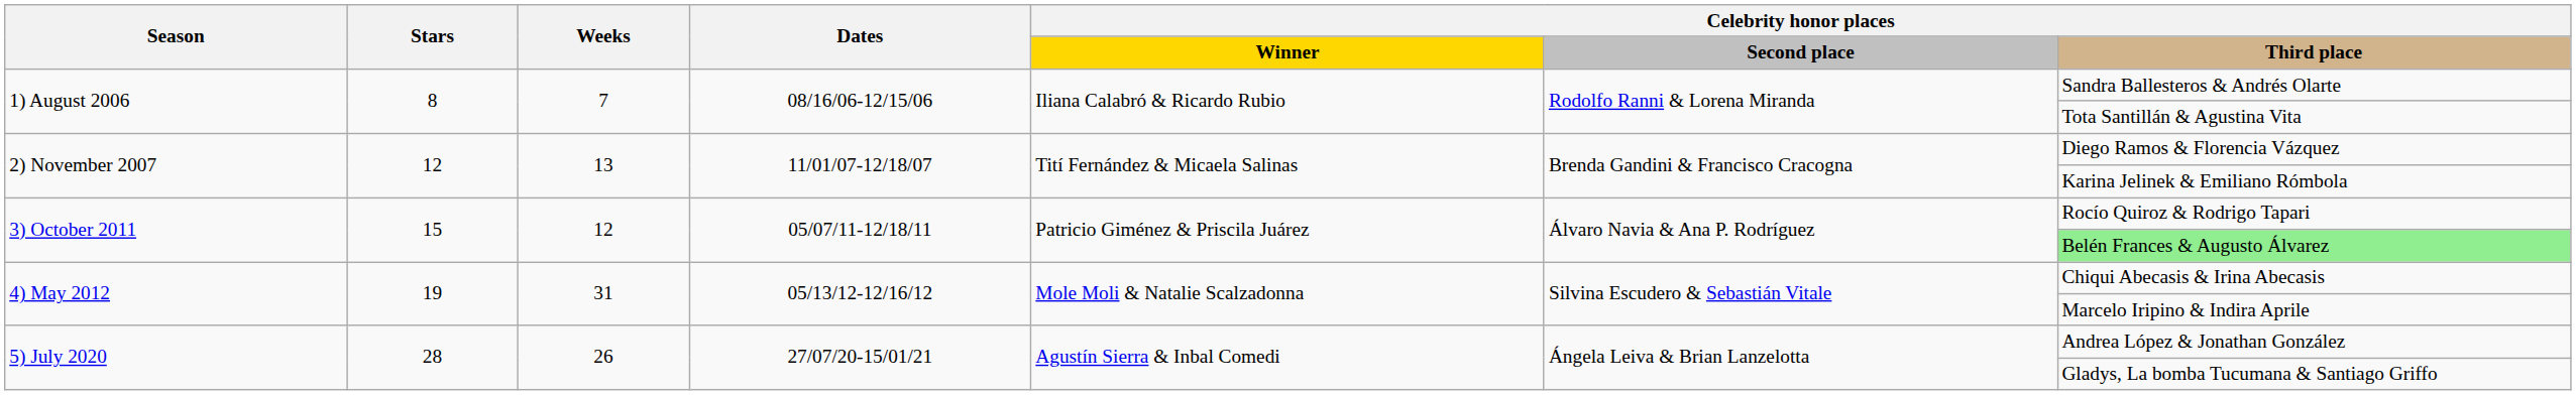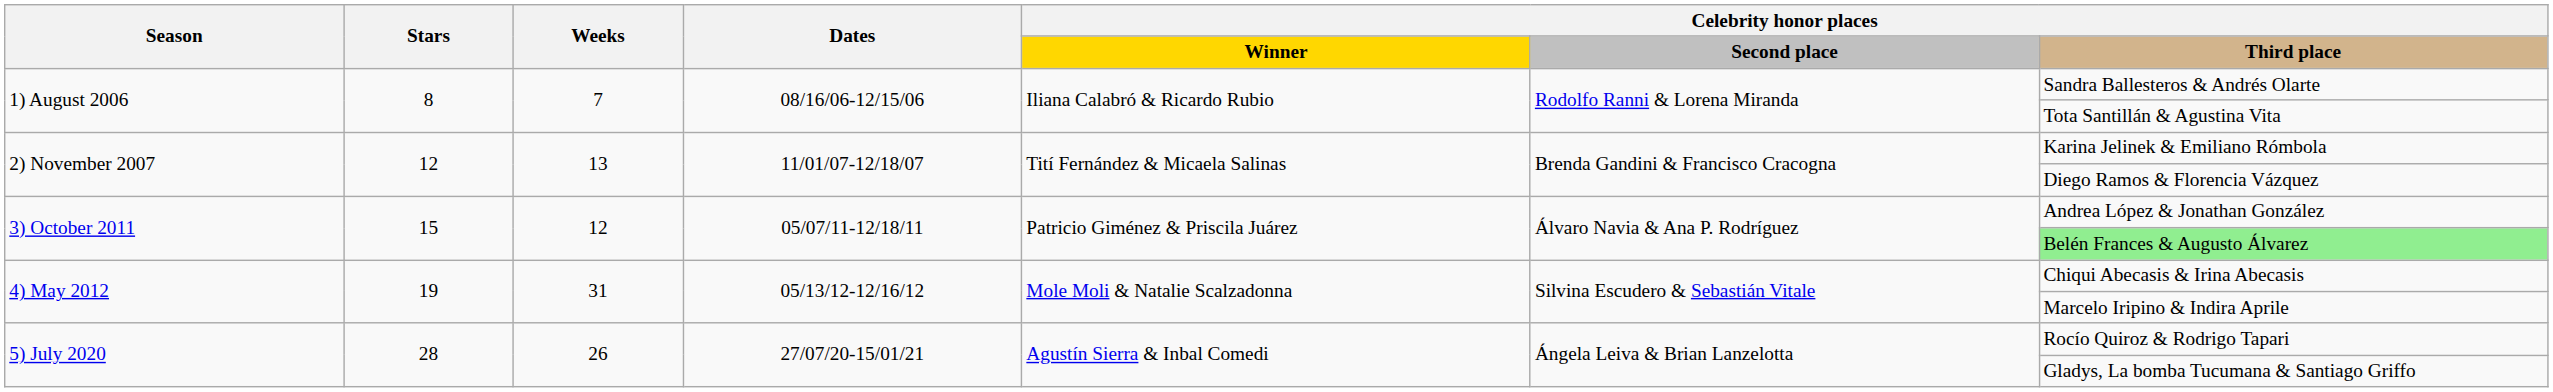 <table class="wikitable" style="white-space:nowrap; font-size:85%;">
 <tr>
 <th style="width:10%;" rowspan="2">Season</th>
 <th style="width:5%;" rowspan="2">Stars</th>
 <th style="width:5%;" rowspan="2">Weeks</th>
 <th style="width:10%;" rowspan="2">Dates</th>
 <th style="width:45%;" colspan="3">Celebrity honor places</th>
 </tr>
 <tr>
 <th style="width:15%; background:gold;">Winner</th>
 <th style="width:15%; background:silver;">Second place</th>
 <th style="width:15%; background:tan;">Third place</th>
 </tr>
 <tr>
 <td rowspan=2>1) August 2006</td>
 <td rowspan=2 style="text-align:center;">8</td>
 <td rowspan=2 style="text-align:center;">7</td>
 <td rowspan=2 style="text-align:center;">08/16/06-12/15/06</td>
 <td rowspan=2>Iliana Calabró & Ricardo Rubio</td>
 <td rowspan=2><a href='#'>Rodolfo Ranni</a> & Lorena Miranda</td>
 <td>Sandra Ballesteros & Andrés Olarte</td>
 </tr>
 <tr>
 <td>Tota Santillán & Agustina Vita</td>
 </tr>
 <tr>
 <td rowspan=2>2) November 2007</td>
 <td rowspan=2 style="text-align:center;">12</td>
 <td rowspan=2 style="text-align:center;">13</td>
 <td rowspan=2 style="text-align:center;">11/01/07-12/18/07</td>
 <td rowspan=2>Tití Fernández & Micaela Salinas</td>
 <td rowspan=2>Brenda Gandini & Francisco Cracogna</td>
-<td>Diego Ramos & Florencia Vázquez</td>
+<td>Karina Jelinek & Emiliano Rómbola</td>
 </tr>
 <tr>
-<td>Karina Jelinek & Emiliano Rómbola</td>
+<td>Diego Ramos & Florencia Vázquez</td>
 </tr>
 <tr>
 <td rowspan=2><a href='#'>3) October 2011</a></td>
 <td rowspan=2 style="text-align:center;">15</td>
 <td rowspan=2 style="text-align:center;">12</td>
 <td rowspan=2 style="text-align:center;">05/07/11-12/18/11</td>
 <td rowspan=2>Patricio Giménez & Priscila Juárez</td>
 <td rowspan=2>Álvaro Navia & Ana P. Rodríguez</td>
-<td>Rocío Quiroz & Rodrigo Tapari</td>
+<td>Andrea López & Jonathan González</td>
 </tr>
 <tr>
 <td style="background: lightgreen;">Belén Frances & Augusto Álvarez</td>
 </tr>
 <tr>
 <td rowspan=2><a href='#'>4) May 2012</a></td>
 <td rowspan=2 style="text-align:center;">19</td>
 <td rowspan=2 style="text-align:center;">31</td>
 <td rowspan=2 style="text-align:center;">05/13/12-12/16/12</td>
 <td rowspan=2><a href='#'>Mole Moli</a> & Natalie Scalzadonna</td>
 <td rowspan=2>Silvina Escudero & <a href='#'>Sebastián Vitale</a></td>
 <td>Chiqui Abecasis & Irina Abecasis</td>
 </tr>
 <tr>
 <td>Marcelo Iripino & Indira Aprile</td>
 </tr>
 <tr>
 <td rowspan=2><a href='#'>5) July 2020</a></td>
 <td rowspan=2 style="text-align:center;">28</td>
 <td rowspan=2 style="text-align:center;">26</td>
 <td rowspan=2 style="text-align:center;">27/07/20-15/01/21</td>
 <td rowspan=2><a href='#'>Agustín Sierra</a> & Inbal Comedi</td>
 <td rowspan=2>Ángela Leiva & Brian Lanzelotta</td>
-<td>Andrea López & Jonathan González</td>
+<td>Rocío Quiroz & Rodrigo Tapari</td>
 </tr>
 <tr>
 <td>Gladys, La bomba Tucumana & Santiago Griffo</td>
 </tr>
 </table>
